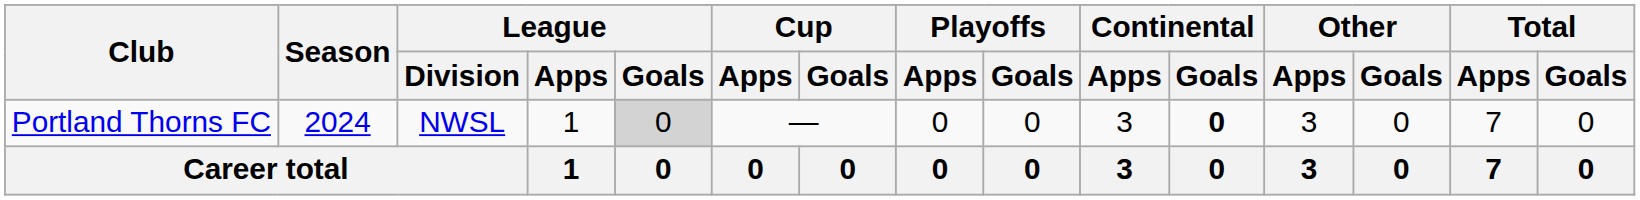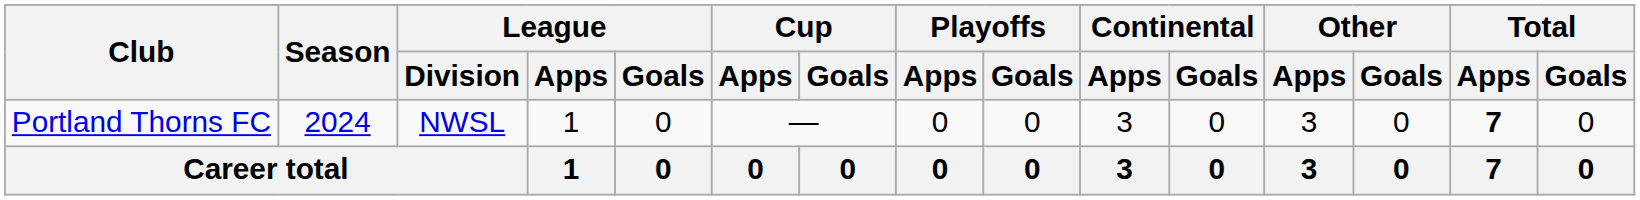 <table class="wikitable" style="text-align: center;">
 <tr>
 <th rowspan="2">Club</th>
 <th rowspan="2">Season</th>
 <th colspan="3">League</th>
 <th colspan="2">Cup</th>
 <th colspan="2">Playoffs</th>
 <th colspan="2">Continental</th>
 <th colspan="2">Other</th>
 <th colspan="2">Total</th>
 </tr>
 <tr>
 <th>Division</th>
 <th>Apps</th>
 <th>Goals</th>
 <th>Apps</th>
 <th>Goals</th>
 <th>Apps</th>
 <th>Goals</th>
 <th>Apps</th>
 <th>Goals</th>
 <th>Apps</th>
 <th>Goals</th>
 <th>Apps</th>
 <th>Goals</th>
 </tr>
 <tr>
 <td><a href='#'>Portland Thorns FC</a></td>
 <td><a href='#'>2024</a></td>
 <td><a href='#'>NWSL</a></td>
 <td>1</td>
-<td style="background: lightgrey;">0</td>
+<td>0</td>
 <td colspan="2">—</td>
 <td>0</td>
 <td>0</td>
 <td>3</td>
-<td><strong>0</strong></td>
+<td>0</td>
 <td>3</td>
 <td>0</td>
-<td>7</td>
+<td><strong>7</strong></td>
 <td>0</td>
 </tr>
 <tr>
 <th colspan="3">Career total</th>
 <th>1</th>
 <th>0</th>
 <th>0</th>
 <th>0</th>
 <th>0</th>
 <th>0</th>
 <th>3</th>
 <th>0</th>
 <th>3</th>
 <th>0</th>
 <th>7</th>
 <th>0</th>
 </tr>
 </table>
